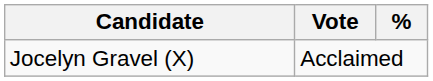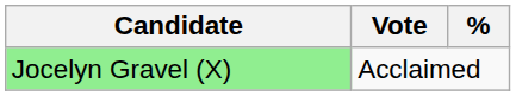 <table class="wikitable">
 <tr>
 <th bgcolor="#DDDDFF" width="200px">Candidate</th>
 <th bgcolor="#DDDDFF" width="50px">Vote</th>
 <th bgcolor="#DDDDFF" width="30px">%</th>
 </tr>
 <tr>
-<td>Jocelyn Gravel (X)</td>
+<td style="background: lightgreen;">Jocelyn Gravel (X)</td>
 <td colspan="2">Acclaimed</td>
 </tr>
 </table>
